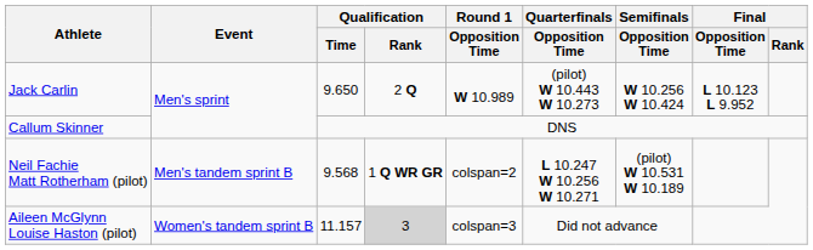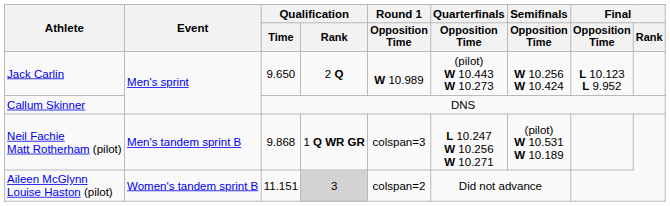 <table class="wikitable" style="font-size:90%;">
 <tr>
 <th rowspan=2>Athlete</th>
 <th rowspan=2>Event</th>
 <th colspan=2>Qualification</th>
 <th>Round 1</th>
 <th>Quarterfinals</th>
 <th>Semifinals</th>
 <th colspan=2>Final</th>
 </tr>
 <tr style="font-size:95%">
 <th>Time</th>
 <th>Rank</th>
 <th>Opposition<br>Time</th>
 <th>Opposition<br>Time</th>
 <th>Opposition<br>Time</th>
 <th>Opposition<br>Time</th>
 <th>Rank</th>
 </tr>
 <tr align=center>
 <td align=left><a href='#'>Jack Carlin</a></td>
 <td style="text-align:left;" rowspan="2"><a href='#'>Men's sprint</a></td>
 <td>9.650</td>
 <td>2 <strong>Q</strong></td>
 <td><br> <strong>W</strong> 10.989</td>
 <td> (pilot)<br> <strong>W</strong> 10.443 <br> <strong>W</strong> 10.273</td>
 <td><br> <strong>W</strong> 10.256 <br> <strong>W</strong> 10.424</td>
 <td><br> <strong>L</strong> 10.123 <br> <strong>L</strong> 9.952</td>
 <td></td>
 </tr>
 <tr align=center>
 <td align=left><a href='#'>Callum Skinner</a></td>
 <td colspan=7>DNS</td>
 </tr>
 <tr align=center>
 <td align=left><a href='#'>Neil Fachie</a><br><a href='#'>Matt Rotherham</a> (pilot)</td>
 <td align=left><a href='#'>Men's tandem sprint B</a></td>
-<td>9.568</td>
+<td>9.868</td>
 <td>1 <strong>Q</strong> <strong>WR</strong> <strong>GR</strong></td>
-<td>colspan=2 </td>
+<td>colspan=3 </td>
 <td><br> <strong>L</strong> 10.247 <br> <strong>W</strong> 10.256 <br> <strong>W</strong> 10.271</td>
 <td> (pilot)<br> <strong>W</strong> 10.531 <br> <strong>W</strong> 10.189</td>
 <td></td>
 </tr>
 <tr align=center>
 <td align=left><a href='#'>Aileen McGlynn</a><br><a href='#'>Louise Haston</a> (pilot)</td>
 <td align=left><a href='#'>Women's tandem sprint B</a></td>
-<td>11.157</td>
+<td>11.151</td>
 <td style="background: lightgrey;">3</td>
-<td>colspan=3 </td>
+<td>colspan=2 </td>
 <td colspan=2>Did not advance</td>
 </tr>
 </table>
